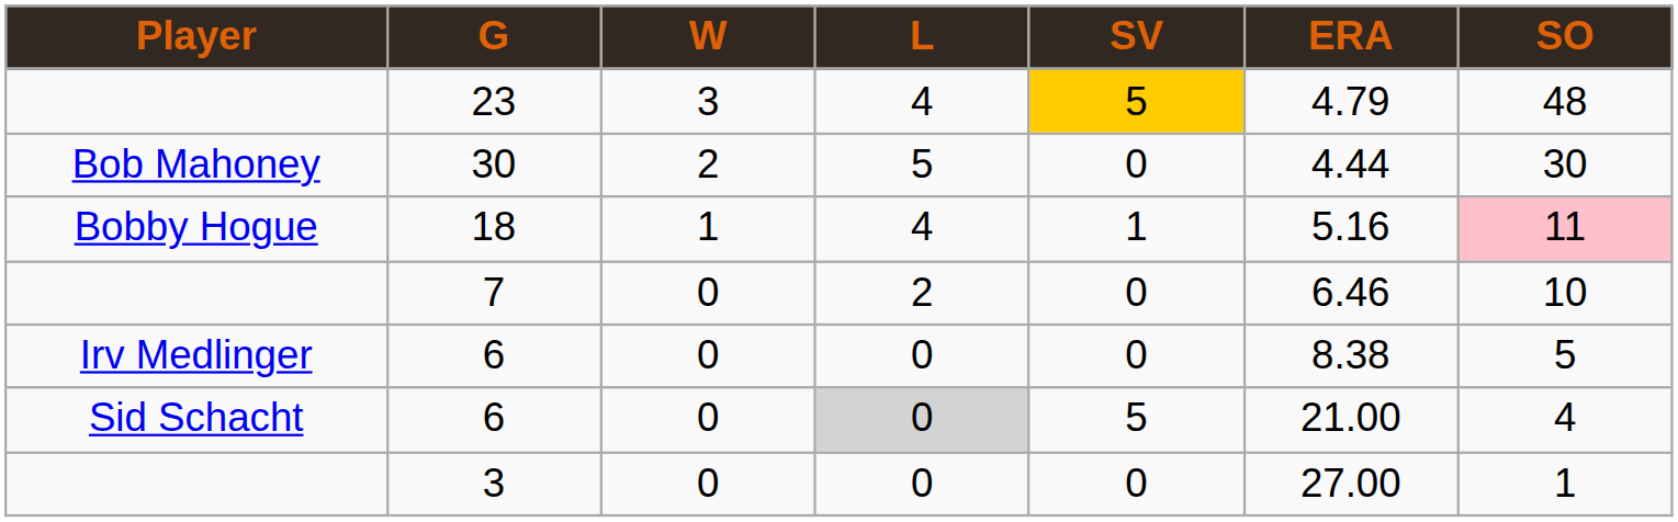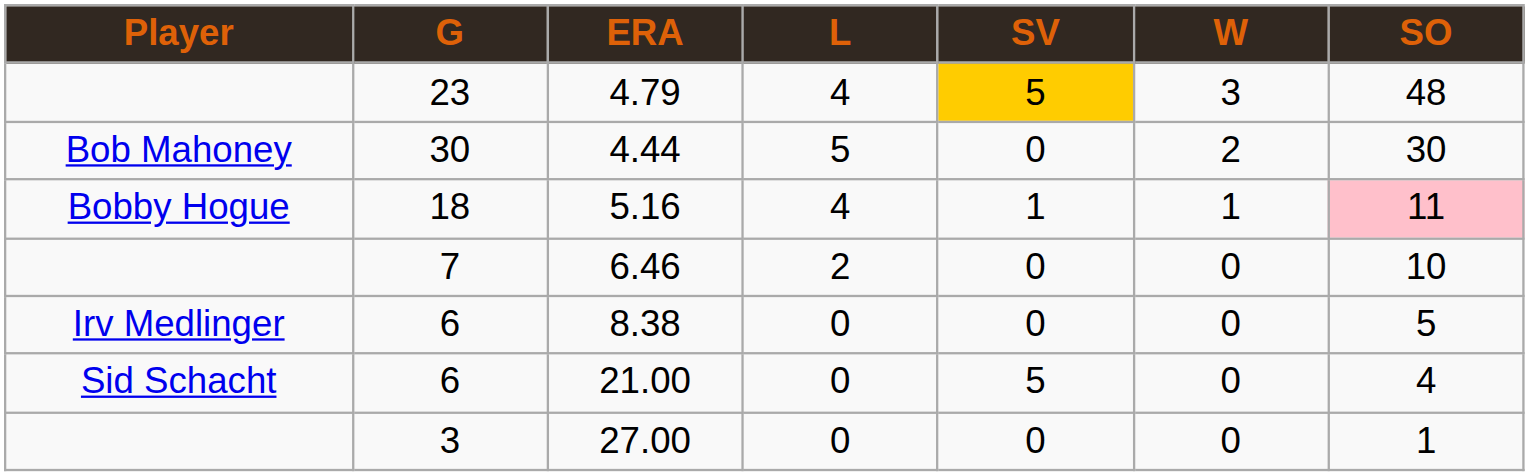 <table class="wikitable sortable">
 <tr>
 <th style="background:#312821;color:#de6108;" width="16%">Player</th>
 <th style="background:#312821;color:#de6108;" width="9%">G</th>
-<th style="background:#312821;color:#de6108;" width="9%">W</th>
+<th style="background:#312821;color:#de6108;" width="9%">ERA</th>
 <th style="background:#312821;color:#de6108;" width="9%">L</th>
 <th style="background:#312821;color:#de6108;" width="9%">SV</th>
-<th style="background:#312821;color:#de6108;" width="9%">ERA</th>
+<th style="background:#312821;color:#de6108;" width="9%">W</th>
 <th style="background:#312821;color:#de6108;" width="9%">SO</th>
 </tr>
 <tr align="center">
 <td></td>
 <td>23</td>
-<td>3</td>
+<td>4.79</td>
 <td>4</td>
 <td style="background:#fc0;">5</td>
-<td>4.79</td>
+<td>3</td>
 <td>48</td>
 </tr>
 <tr align=center>
 <td><a href='#'>Bob Mahoney</a></td>
 <td>30</td>
-<td>2</td>
+<td>4.44</td>
 <td>5</td>
 <td>0</td>
-<td>4.44</td>
+<td>2</td>
 <td>30</td>
 </tr>
 <tr align="center">
 <td><a href='#'>Bobby Hogue</a></td>
 <td>18</td>
-<td>1</td>
+<td>5.16</td>
 <td>4</td>
 <td>1</td>
-<td>5.16</td>
+<td>1</td>
 <td style="background: pink;">11</td>
 </tr>
 <tr align="center">
 <td></td>
 <td>7</td>
-<td>0</td>
+<td>6.46</td>
 <td>2</td>
 <td>0</td>
-<td>6.46</td>
+<td>0</td>
 <td>10</td>
 </tr>
 <tr align="center">
 <td><a href='#'>Irv Medlinger</a></td>
 <td>6</td>
+<td>8.38</td>
 <td>0</td>
 <td>0</td>
 <td>0</td>
-<td>8.38</td>
 <td>5</td>
 </tr>
 <tr align="center">
 <td><a href='#'>Sid Schacht</a></td>
 <td>6</td>
+<td>21.00</td>
 <td>0</td>
-<td style="background: lightgrey;">0</td>
 <td>5</td>
-<td>21.00</td>
+<td>0</td>
 <td>4</td>
 </tr>
 <tr align="center">
 <td></td>
 <td>3</td>
+<td>27.00</td>
 <td>0</td>
 <td>0</td>
 <td>0</td>
-<td>27.00</td>
 <td>1</td>
 </tr>
 </table>
